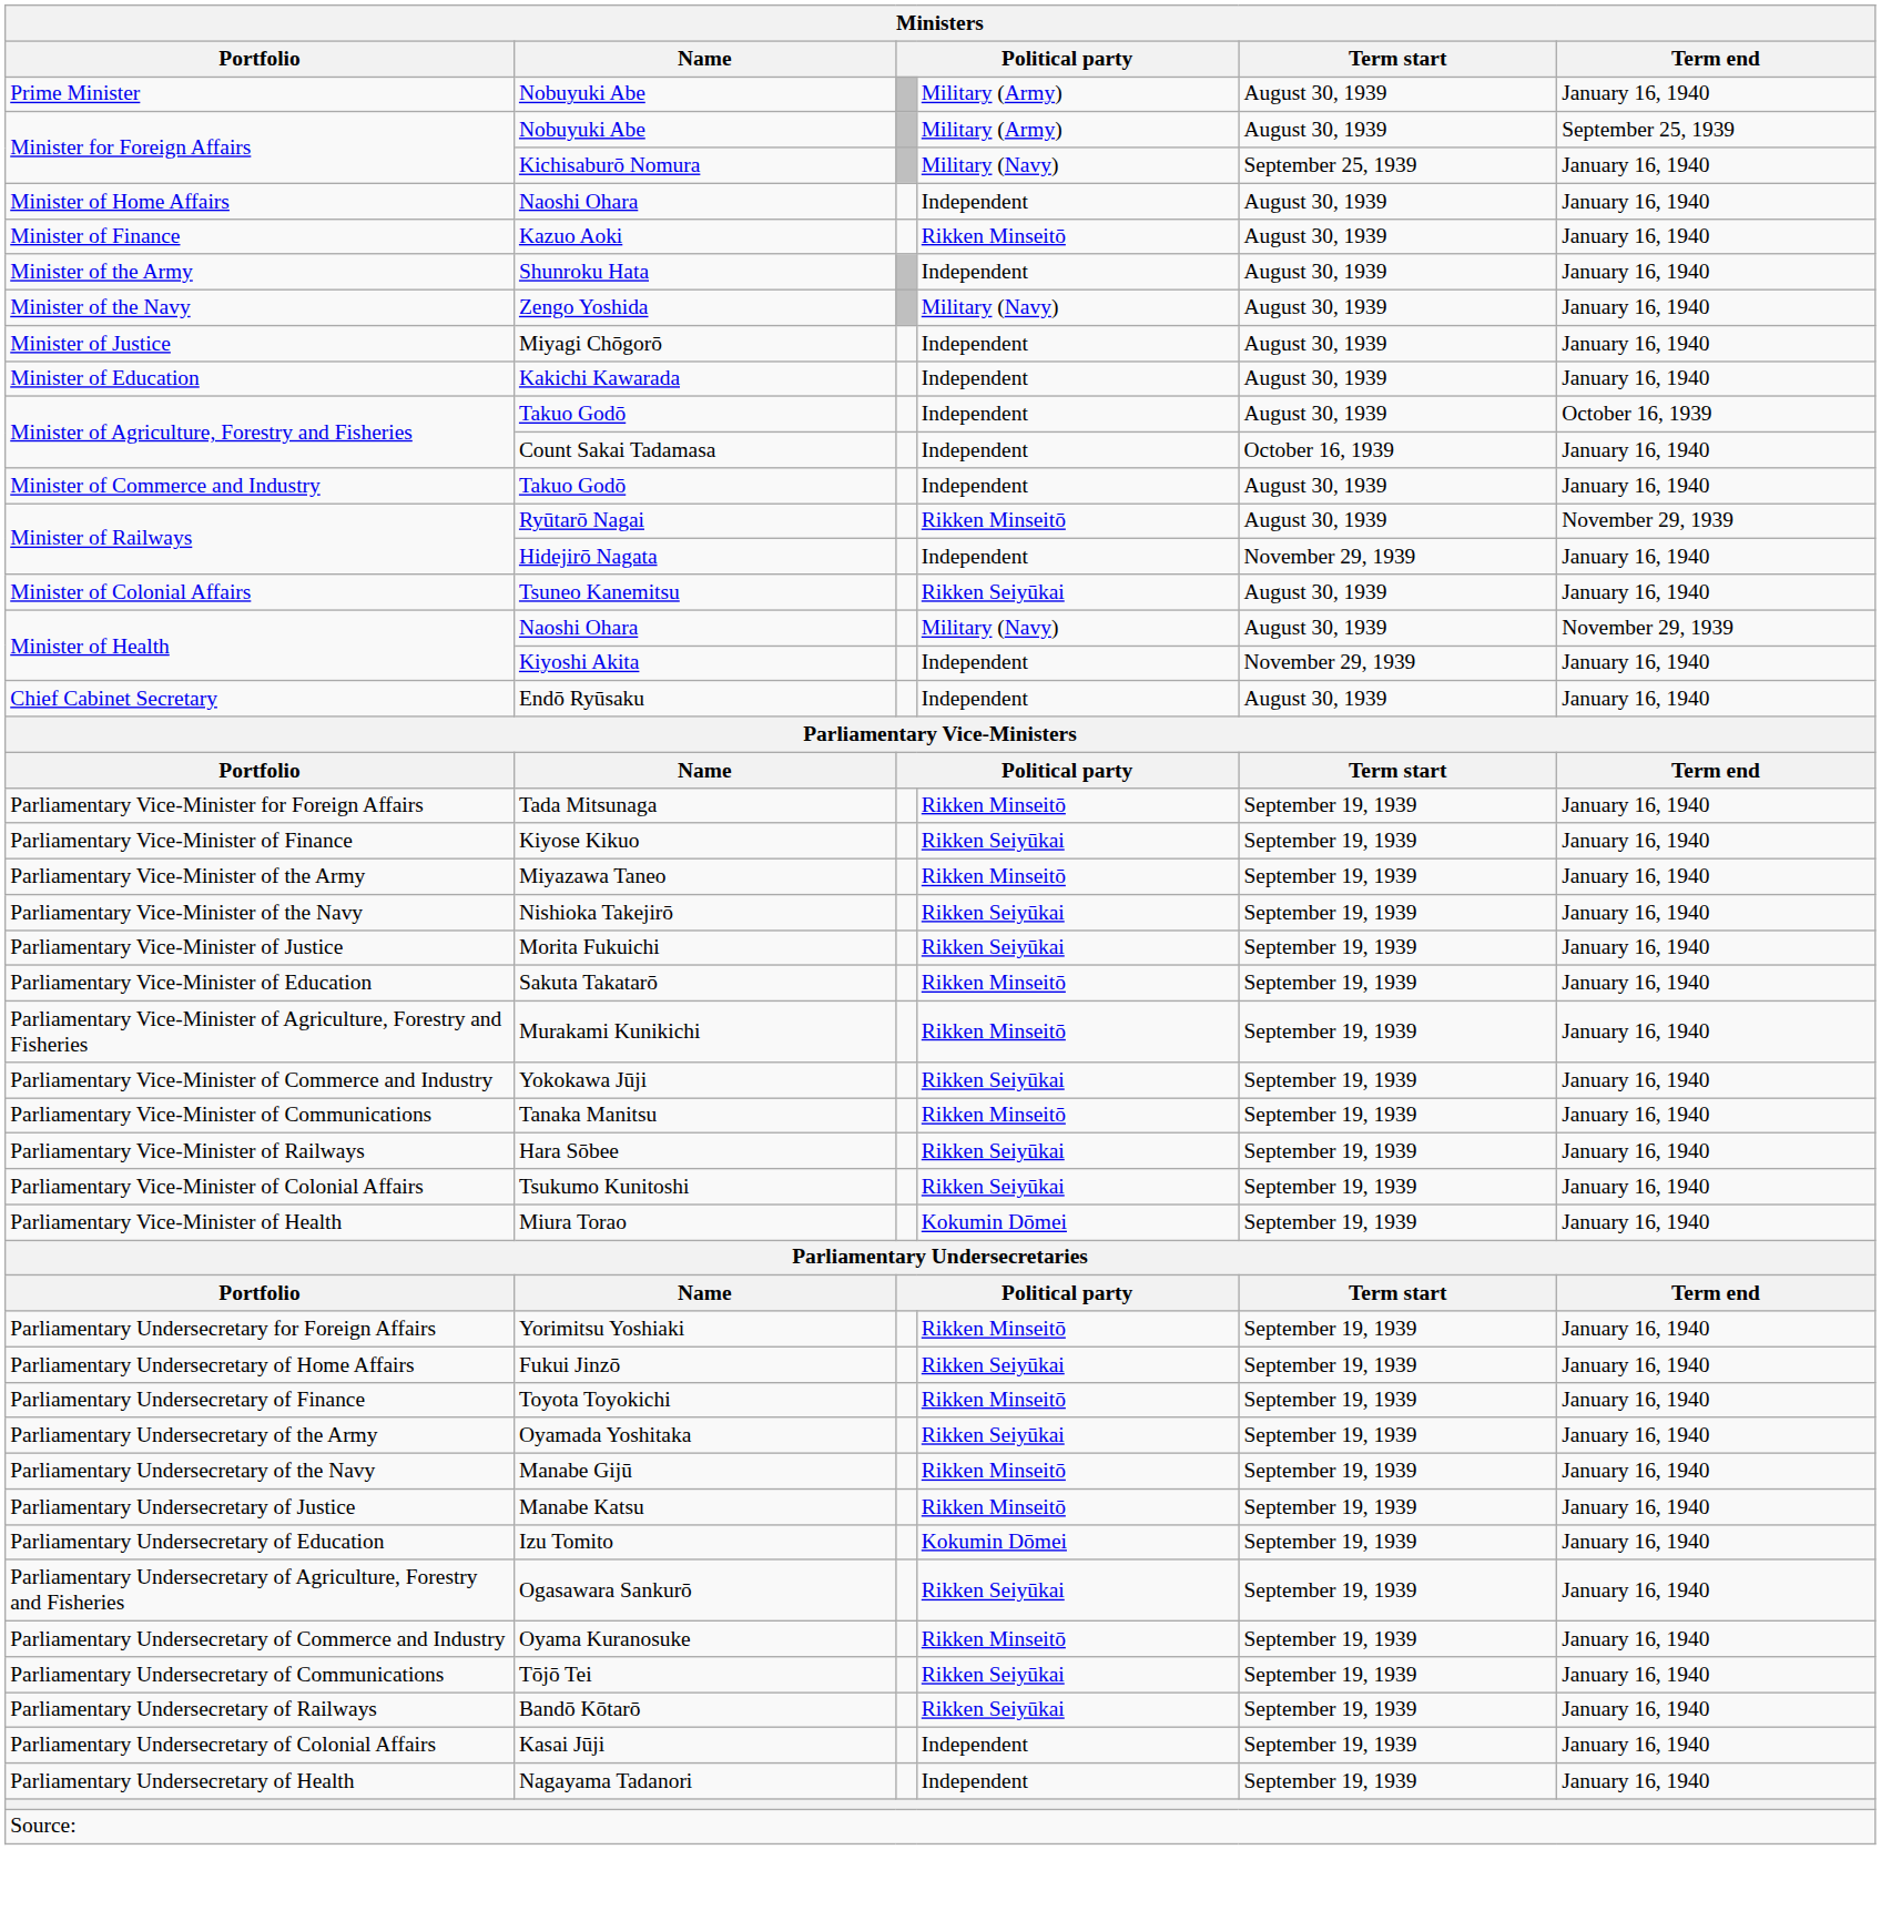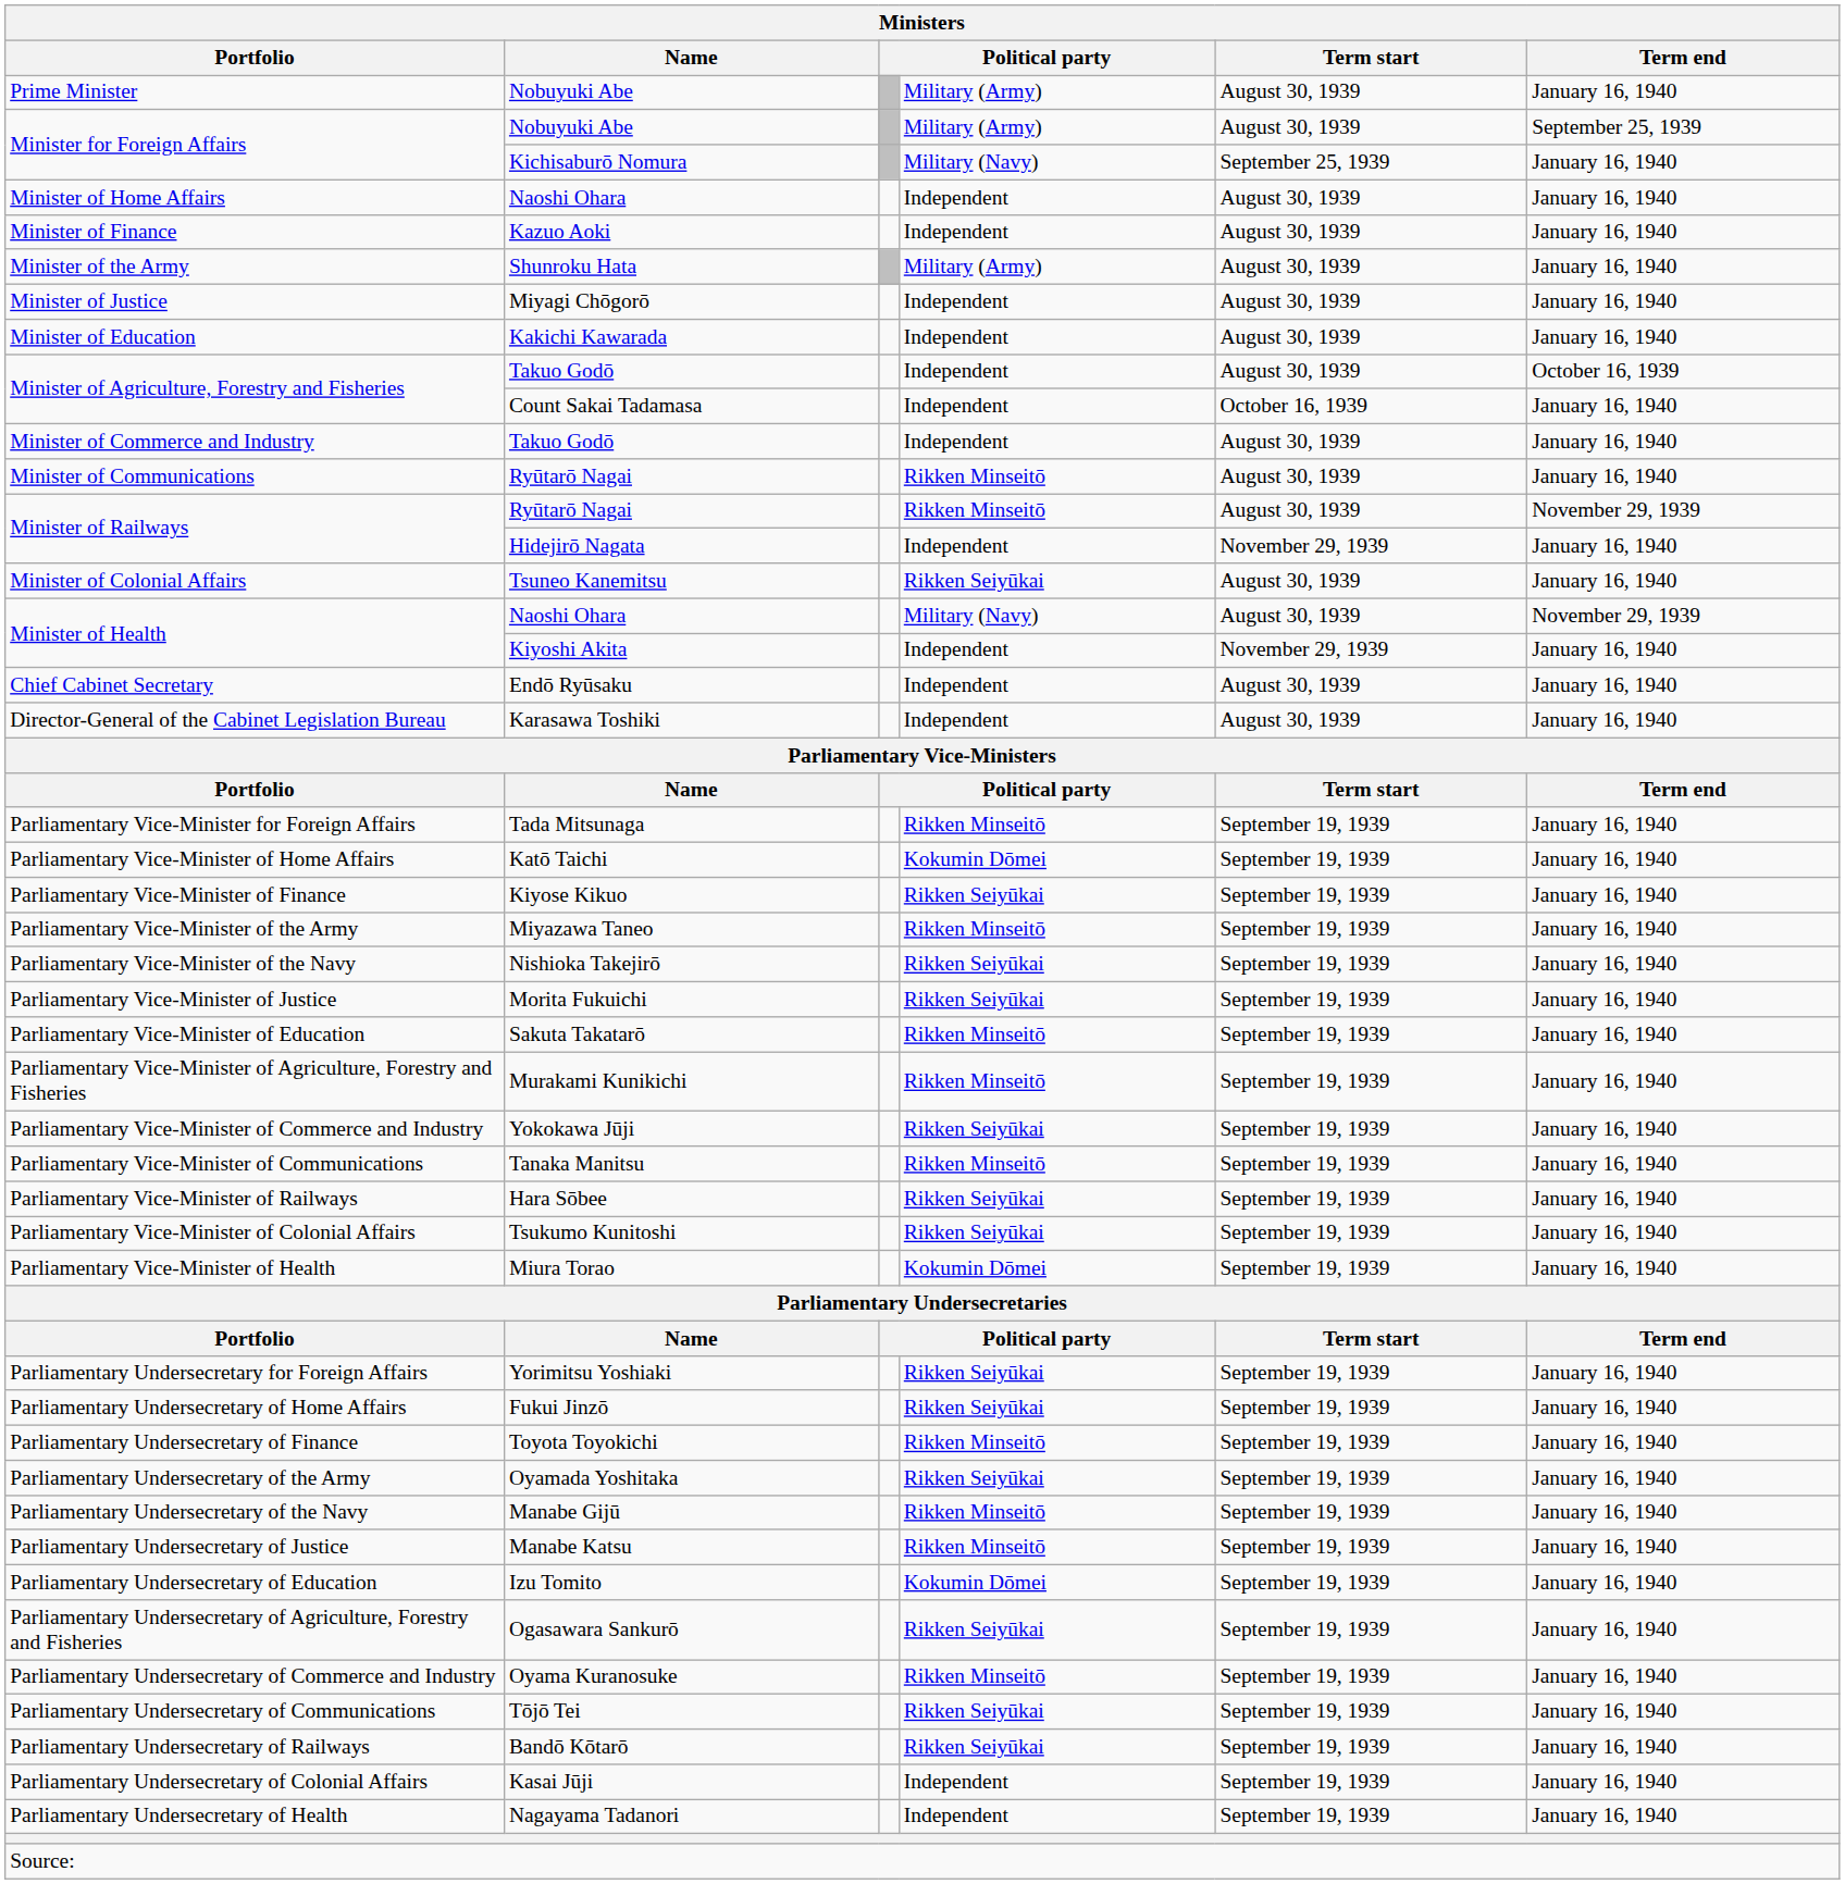 <table class="wikitable unsortable" style="font-size: 90%;">
 <tr>
 <th colspan="6">Ministers</th>
 </tr>
 <tr>
 <th scope="col" width="20%">Portfolio</th>
 <th scope="col" width="15%">Name</th>
 <th colspan="2" scope="col" width="13.5%">Political party</th>
 <th scope="col" width="12.5%">Term start</th>
 <th scope="col" width="12.5%">Term end</th>
 </tr>
 <tr>
 <td style="text-align: left;"><a href='#'>Prime Minister</a></td>
 <td><a href='#'>Nobuyuki Abe</a></td>
 <td style="color:inherit;background:#bfbfbf"></td>
 <td><a href='#'>Military</a> (<a href='#'>Army</a>)</td>
 <td>August 30, 1939</td>
 <td>January 16, 1940</td>
 </tr>
 <tr>
 <td rowspan="2"><a href='#'>Minister for Foreign Affairs</a></td>
 <td><a href='#'>Nobuyuki Abe</a></td>
 <td style="color:inherit;background:#bfbfbf"></td>
 <td><a href='#'>Military</a> (<a href='#'>Army</a>)</td>
 <td>August 30, 1939</td>
 <td>September 25, 1939</td>
 </tr>
 <tr>
 <td><a href='#'>Kichisaburō Nomura</a></td>
 <td style="color:inherit;background:#bfbfbf"></td>
 <td><a href='#'>Military</a> (<a href='#'>Navy</a>)</td>
 <td>September 25, 1939</td>
 <td>January 16, 1940</td>
 </tr>
 <tr>
 <td><a href='#'>Minister of Home Affairs</a></td>
 <td><a href='#'>Naoshi Ohara</a></td>
 <td style="color:inherit;background:"></td>
 <td>Independent</td>
 <td>August 30, 1939</td>
 <td>January 16, 1940</td>
 </tr>
 <tr>
 <td><a href='#'>Minister of Finance</a></td>
 <td><a href='#'>Kazuo Aoki</a></td>
 <td style="color:inherit;background:"></td>
-<td><a href='#'>Rikken Minseitō</a></td>
+<td>Independent</td>
 <td>August 30, 1939</td>
 <td>January 16, 1940</td>
 </tr>
 <tr>
 <td><a href='#'>Minister of the Army</a></td>
 <td><a href='#'>Shunroku Hata</a></td>
 <td style="color:inherit;background:#bfbfbf"></td>
-<td>Independent</td>
-<td>August 30, 1939</td>
-<td>January 16, 1940</td>
-</tr>
-<tr>
-<td><a href='#'>Minister of the Navy</a></td>
-<td><a href='#'>Zengo Yoshida</a></td>
-<td style="color:inherit;background:#bfbfbf"></td>
-<td><a href='#'>Military</a> (<a href='#'>Navy</a>)</td>
+<td><a href='#'>Military</a> (<a href='#'>Army</a>)</td>
 <td>August 30, 1939</td>
 <td>January 16, 1940</td>
 </tr>
 <tr>
 <td><a href='#'>Minister of Justice</a></td>
 <td>Miyagi Chōgorō</td>
 <td style="color:inherit;background:"></td>
 <td>Independent</td>
 <td>August 30, 1939</td>
 <td>January 16, 1940</td>
 </tr>
 <tr>
 <td><a href='#'>Minister of Education</a></td>
 <td><a href='#'>Kakichi Kawarada</a></td>
 <td style="color:inherit;background:"></td>
 <td>Independent</td>
 <td>August 30, 1939</td>
 <td>January 16, 1940</td>
 </tr>
 <tr>
 <td rowspan="2"><a href='#'>Minister of Agriculture, Forestry and Fisheries</a></td>
 <td><a href='#'>Takuo Godō</a></td>
 <td style="color:inherit;background:"></td>
 <td>Independent</td>
 <td>August 30, 1939</td>
 <td>October 16, 1939</td>
 </tr>
 <tr>
 <td>Count Sakai Tadamasa</td>
 <td style="color:inherit;background:"></td>
 <td>Independent</td>
 <td>October 16, 1939</td>
 <td>January 16, 1940</td>
 </tr>
 <tr>
 <td><a href='#'>Minister of Commerce and Industry</a></td>
 <td><a href='#'>Takuo Godō</a></td>
 <td style="color:inherit;background:"></td>
 <td>Independent</td>
+<td>August 30, 1939</td>
+<td>January 16, 1940</td>
+</tr>
+<tr>
+<td><a href='#'>Minister of Communications</a></td>
+<td><a href='#'>Ryūtarō Nagai</a></td>
+<td style="color:inherit;background:"></td>
+<td><a href='#'>Rikken Minseitō</a></td>
 <td>August 30, 1939</td>
 <td>January 16, 1940</td>
 </tr>
 <tr>
 <td rowspan="2"><a href='#'>Minister of Railways</a></td>
 <td><a href='#'>Ryūtarō Nagai</a></td>
 <td style="color:inherit;background:"></td>
 <td><a href='#'>Rikken Minseitō</a></td>
 <td>August 30, 1939</td>
 <td>November 29, 1939</td>
 </tr>
 <tr>
 <td><a href='#'>Hidejirō Nagata</a></td>
 <td style="color:inherit;background:"></td>
 <td>Independent</td>
 <td>November 29, 1939</td>
 <td>January 16, 1940</td>
 </tr>
 <tr>
 <td><a href='#'>Minister of Colonial Affairs</a></td>
 <td><a href='#'>Tsuneo Kanemitsu</a></td>
 <td style="color:inherit;background:"></td>
 <td><a href='#'>Rikken Seiyūkai</a></td>
 <td>August 30, 1939</td>
 <td>January 16, 1940</td>
 </tr>
 <tr>
 <td rowspan="2"><a href='#'>Minister of Health</a></td>
 <td><a href='#'>Naoshi Ohara</a></td>
 <td style="color:inherit;background:"></td>
 <td><a href='#'>Military</a> (<a href='#'>Navy</a>)</td>
 <td>August 30, 1939</td>
 <td>November 29, 1939</td>
 </tr>
 <tr>
 <td><a href='#'>Kiyoshi Akita</a></td>
 <td style="color:inherit;background:"></td>
 <td>Independent</td>
 <td>November 29, 1939</td>
 <td>January 16, 1940</td>
 </tr>
 <tr>
 <td><a href='#'>Chief Cabinet Secretary</a></td>
 <td>Endō Ryūsaku</td>
 <td style="color:inherit;background:"></td>
 <td>Independent</td>
 <td>August 30, 1939</td>
 <td>January 16, 1940</td>
 </tr>
 <tr>
+<td>Director-General of the <a href='#'>Cabinet Legislation Bureau</a></td>
+<td>Karasawa Toshiki</td>
+<td style="color:inherit;background:"></td>
+<td>Independent</td>
+<td>August 30, 1939</td>
+<td>January 16, 1940</td>
+</tr>
+<tr>
 <th colspan="6">Parliamentary Vice-Ministers</th>
 </tr>
 <tr>
 <th>Portfolio</th>
 <th>Name</th>
 <th colspan="2">Political party</th>
 <th>Term start</th>
 <th>Term end</th>
 </tr>
 <tr>
 <td>Parliamentary Vice-Minister for Foreign Affairs</td>
 <td>Tada Mitsunaga</td>
 <td style="color:inherit;background:"></td>
 <td><a href='#'>Rikken Minseitō</a></td>
+<td>September 19, 1939</td>
+<td>January 16, 1940</td>
+</tr>
+<tr>
+<td>Parliamentary Vice-Minister of Home Affairs</td>
+<td>Katō Taichi</td>
+<td style="color:inherit;background:"></td>
+<td><a href='#'>Kokumin Dōmei</a></td>
 <td>September 19, 1939</td>
 <td>January 16, 1940</td>
 </tr>
 <tr>
 <td>Parliamentary Vice-Minister of Finance</td>
 <td>Kiyose Kikuo</td>
 <td style="color:inherit;background:"></td>
 <td><a href='#'>Rikken Seiyūkai</a></td>
 <td>September 19, 1939</td>
 <td>January 16, 1940</td>
 </tr>
 <tr>
 <td>Parliamentary Vice-Minister of the Army</td>
 <td>Miyazawa Taneo</td>
 <td style="color:inherit;background:"></td>
 <td><a href='#'>Rikken Minseitō</a></td>
 <td>September 19, 1939</td>
 <td>January 16, 1940</td>
 </tr>
 <tr>
 <td>Parliamentary Vice-Minister of the Navy</td>
 <td>Nishioka Takejirō</td>
 <td style="color:inherit;background:"></td>
 <td><a href='#'>Rikken Seiyūkai</a></td>
 <td>September 19, 1939</td>
 <td>January 16, 1940</td>
 </tr>
 <tr>
 <td>Parliamentary Vice-Minister of Justice</td>
 <td>Morita Fukuichi</td>
 <td style="color:inherit;background:"></td>
 <td><a href='#'>Rikken Seiyūkai</a></td>
 <td>September 19, 1939</td>
 <td>January 16, 1940</td>
 </tr>
 <tr>
 <td>Parliamentary Vice-Minister of Education</td>
 <td>Sakuta Takatarō</td>
 <td style="color:inherit;background:"></td>
 <td><a href='#'>Rikken Minseitō</a></td>
 <td>September 19, 1939</td>
 <td>January 16, 1940</td>
 </tr>
 <tr>
 <td>Parliamentary Vice-Minister of Agriculture, Forestry and Fisheries</td>
 <td>Murakami Kunikichi</td>
 <td style="color:inherit;background:"></td>
 <td><a href='#'>Rikken Minseitō</a></td>
 <td>September 19, 1939</td>
 <td>January 16, 1940</td>
 </tr>
 <tr>
 <td>Parliamentary Vice-Minister of Commerce and Industry</td>
 <td>Yokokawa Jūji</td>
 <td style="color:inherit;background:"></td>
 <td><a href='#'>Rikken Seiyūkai</a></td>
 <td>September 19, 1939</td>
 <td>January 16, 1940</td>
 </tr>
 <tr>
 <td>Parliamentary Vice-Minister of Communications</td>
 <td>Tanaka Manitsu</td>
 <td style="color:inherit;background:"></td>
 <td><a href='#'>Rikken Minseitō</a></td>
 <td>September 19, 1939</td>
 <td>January 16, 1940</td>
 </tr>
 <tr>
 <td>Parliamentary Vice-Minister of Railways</td>
 <td>Hara Sōbee</td>
 <td style="color:inherit;background:"></td>
 <td><a href='#'>Rikken Seiyūkai</a></td>
 <td>September 19, 1939</td>
 <td>January 16, 1940</td>
 </tr>
 <tr>
 <td>Parliamentary Vice-Minister of Colonial Affairs</td>
 <td>Tsukumo Kunitoshi</td>
 <td style="color:inherit;background:"></td>
 <td><a href='#'>Rikken Seiyūkai</a></td>
 <td>September 19, 1939</td>
 <td>January 16, 1940</td>
 </tr>
 <tr>
 <td>Parliamentary Vice-Minister of Health</td>
 <td>Miura Torao</td>
 <td style="color:inherit;background:"></td>
 <td><a href='#'>Kokumin Dōmei</a></td>
 <td>September 19, 1939</td>
 <td>January 16, 1940</td>
 </tr>
 <tr>
 <th colspan="6">Parliamentary Undersecretaries</th>
 </tr>
 <tr>
 <th>Portfolio</th>
 <th>Name</th>
 <th colspan="2">Political party</th>
 <th>Term start</th>
 <th>Term end</th>
 </tr>
 <tr>
 <td>Parliamentary Undersecretary for Foreign Affairs</td>
 <td>Yorimitsu Yoshiaki</td>
 <td style="color:inherit;background:"></td>
-<td><a href='#'>Rikken Minseitō</a></td>
+<td><a href='#'>Rikken Seiyūkai</a></td>
 <td>September 19, 1939</td>
 <td>January 16, 1940</td>
 </tr>
 <tr>
 <td>Parliamentary Undersecretary of Home Affairs</td>
 <td>Fukui Jinzō</td>
 <td style="color:inherit;background:"></td>
 <td><a href='#'>Rikken Seiyūkai</a></td>
 <td>September 19, 1939</td>
 <td>January 16, 1940</td>
 </tr>
 <tr>
 <td>Parliamentary Undersecretary of Finance</td>
 <td>Toyota Toyokichi</td>
 <td style="color:inherit;background:"></td>
 <td><a href='#'>Rikken Minseitō</a></td>
 <td>September 19, 1939</td>
 <td>January 16, 1940</td>
 </tr>
 <tr>
 <td>Parliamentary Undersecretary of the Army</td>
 <td>Oyamada Yoshitaka</td>
 <td style="color:inherit;background:"></td>
 <td><a href='#'>Rikken Seiyūkai</a></td>
 <td>September 19, 1939</td>
 <td>January 16, 1940</td>
 </tr>
 <tr>
 <td>Parliamentary Undersecretary of the Navy</td>
 <td>Manabe Gijū</td>
 <td style="color:inherit;background:"></td>
 <td><a href='#'>Rikken Minseitō</a></td>
 <td>September 19, 1939</td>
 <td>January 16, 1940</td>
 </tr>
 <tr>
 <td>Parliamentary Undersecretary of Justice</td>
 <td>Manabe Katsu</td>
 <td style="color:inherit;background:"></td>
 <td><a href='#'>Rikken Minseitō</a></td>
 <td>September 19, 1939</td>
 <td>January 16, 1940</td>
 </tr>
 <tr>
 <td>Parliamentary Undersecretary of Education</td>
 <td>Izu Tomito</td>
 <td style="color:inherit;background:"></td>
 <td><a href='#'>Kokumin Dōmei</a></td>
 <td>September 19, 1939</td>
 <td>January 16, 1940</td>
 </tr>
 <tr>
 <td>Parliamentary Undersecretary of Agriculture, Forestry and Fisheries</td>
 <td>Ogasawara Sankurō</td>
 <td style="color:inherit;background:"></td>
 <td><a href='#'>Rikken Seiyūkai</a></td>
 <td>September 19, 1939</td>
 <td>January 16, 1940</td>
 </tr>
 <tr>
 <td>Parliamentary Undersecretary of Commerce and Industry</td>
 <td>Oyama Kuranosuke</td>
 <td style="color:inherit;background:"></td>
 <td><a href='#'>Rikken Minseitō</a></td>
 <td>September 19, 1939</td>
 <td>January 16, 1940</td>
 </tr>
 <tr>
 <td>Parliamentary Undersecretary of Communications</td>
 <td>Tōjō Tei</td>
 <td style="color:inherit;background:"></td>
 <td><a href='#'>Rikken Seiyūkai</a></td>
 <td>September 19, 1939</td>
 <td>January 16, 1940</td>
 </tr>
 <tr>
 <td>Parliamentary Undersecretary of Railways</td>
 <td>Bandō Kōtarō</td>
 <td style="color:inherit;background:"></td>
 <td><a href='#'>Rikken Seiyūkai</a></td>
 <td>September 19, 1939</td>
 <td>January 16, 1940</td>
 </tr>
 <tr>
 <td>Parliamentary Undersecretary of Colonial Affairs</td>
 <td>Kasai Jūji</td>
 <td style="color:inherit;background:"></td>
 <td>Independent</td>
 <td>September 19, 1939</td>
 <td>January 16, 1940</td>
 </tr>
 <tr>
 <td>Parliamentary Undersecretary of Health</td>
 <td>Nagayama Tadanori</td>
 <td style="color:inherit;background:"></td>
 <td>Independent</td>
 <td>September 19, 1939</td>
 <td>January 16, 1940</td>
 </tr>
 <tr>
 <th colspan="6"></th>
 </tr>
 <tr>
 <td colspan="6">Source:</td>
 </tr>
 </table>
